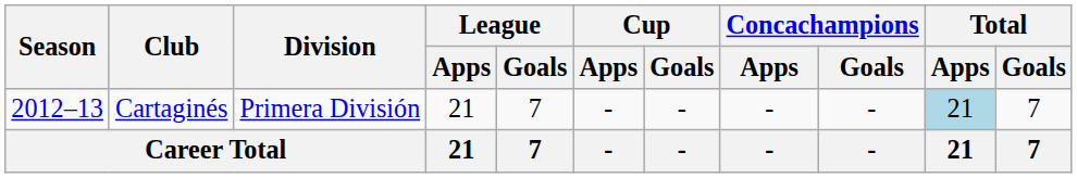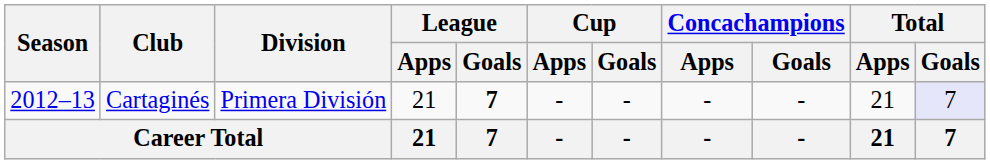 <table class="wikitable" style="text-align: center;">
 <tr>
 <th rowspan="2">Season</th>
 <th rowspan="2">Club</th>
 <th rowspan="2">Division</th>
 <th colspan="2">League</th>
 <th colspan="2">Cup</th>
 <th colspan="2"><a href='#'>Concachampions</a></th>
 <th colspan="2">Total</th>
 </tr>
 <tr>
 <th>Apps</th>
 <th>Goals</th>
 <th>Apps</th>
 <th>Goals</th>
 <th>Apps</th>
 <th>Goals</th>
 <th>Apps</th>
 <th>Goals</th>
 </tr>
 <tr>
 <td><a href='#'>2012–13</a></td>
 <td rowspan="1"><a href='#'>Cartaginés</a></td>
 <td rowspan="1" align=center valign=center><a href='#'>Primera División</a></td>
 <td>21</td>
-<td>7</td>
+<td><strong>7</strong></td>
 <td>-</td>
 <td>-</td>
 <td>-</td>
 <td>-</td>
-<td style="background: lightblue;">21</td>
-<td>7</td>
+<td>21</td>
+<td style="background: lavender;">7</td>
 </tr>
 <tr>
 <th colspan="3">Career Total</th>
 <th>21</th>
 <th>7</th>
 <th>-</th>
 <th>-</th>
 <th>-</th>
 <th>-</th>
 <th>21</th>
 <th>7</th>
 </tr>
 </table>
